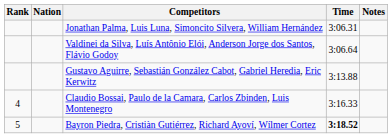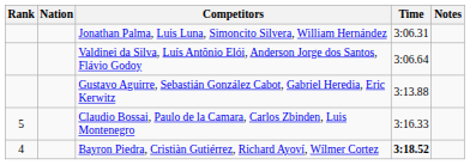 <table class="wikitable sortable" style="text-align:center; font-size:95%">
 <tr>
 <th>Rank</th>
 <th>Nation</th>
 <th>Competitors</th>
 <th>Time</th>
 <th>Notes</th>
 </tr>
 <tr>
 <td></td>
 <td align=left></td>
 <td align=left><a href='#'>Jonathan Palma</a>, <a href='#'>Luis Luna</a>, <a href='#'>Simoncito Silvera</a>, <a href='#'>William Hernández</a></td>
 <td>3:06.31</td>
 <td></td>
 </tr>
 <tr>
 <td></td>
 <td align=left></td>
 <td align=left><a href='#'>Valdinei da Silva</a>, <a href='#'>Luís Antônio Elói</a>, <a href='#'>Anderson Jorge dos Santos</a>, <a href='#'>Flávio Godoy</a></td>
 <td>3:06.64</td>
 <td></td>
 </tr>
 <tr>
 <td></td>
 <td align=left></td>
 <td align=left><a href='#'>Gustavo Aguirre</a>, <a href='#'>Sebastián González Cabot</a>, <a href='#'>Gabriel Heredia</a>, <a href='#'>Eric Kerwitz</a></td>
 <td>3:13.88</td>
 <td></td>
 </tr>
 <tr>
-<td>4</td>
+<td>5</td>
 <td align=left></td>
 <td align=left><a href='#'>Claudio Bossai</a>, <a href='#'>Paulo de la Camara</a>, <a href='#'>Carlos Zbinden</a>, <a href='#'>Luis Montenegro</a></td>
 <td>3:16.33</td>
 <td></td>
 </tr>
 <tr>
-<td>5</td>
+<td>4</td>
 <td align=left></td>
 <td align=left><a href='#'>Bayron Piedra</a>, <a href='#'>Cristiàn Gutiérrez</a>, <a href='#'>Richard Ayoví</a>, <a href='#'>Wílmer Cortez</a></td>
 <td><strong>3:18.52</strong></td>
 <td></td>
 </tr>
 </table>
